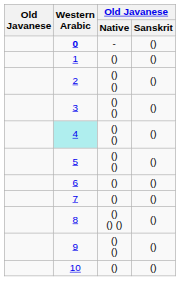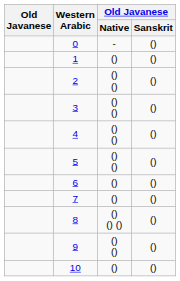 <table class="wikitable" style="text-align:center;">
 <tr>
 <th rowspan="2">Old<br>Javanese</th>
 <th rowspan="2">Western<br>Arabic</th>
 <th colspan="2"><a href='#'>Old Javanese</a></th>
 </tr>
 <tr>
 <th>Native</th>
 <th>Sanskrit</th>
 </tr>
 <tr>
 <td></td>
-<td><strong><a href='#'>0</a></strong></td>
+<td><a href='#'>0</a></td>
 <td>-</td>
 <td> ()</td>
 </tr>
 <tr>
 <td></td>
 <td><a href='#'>1</a></td>
 <td> ()</td>
 <td> ()</td>
 </tr>
 <tr>
 <td></td>
 <td><a href='#'>2</a></td>
 <td> ()<br> ()</td>
 <td> ()</td>
 </tr>
 <tr>
 <td></td>
 <td><a href='#'>3</a></td>
 <td> ()<br> ()</td>
 <td> ()</td>
 </tr>
 <tr>
 <td></td>
-<td style="background: paleturquoise;"><a href='#'>4</a></td>
+<td><a href='#'>4</a></td>
 <td> ()<br> ()</td>
 <td> ()</td>
 </tr>
 <tr>
 <td></td>
 <td><a href='#'>5</a></td>
 <td> ()<br> ()</td>
 <td> ()</td>
 </tr>
 <tr>
 <td></td>
 <td><a href='#'>6</a></td>
 <td> ()</td>
 <td> ()</td>
 </tr>
 <tr>
 <td></td>
 <td><a href='#'>7</a></td>
 <td> ()</td>
 <td> ()</td>
 </tr>
 <tr>
 <td></td>
 <td><a href='#'>8</a></td>
 <td> ()<br> () ()</td>
 <td> ()</td>
 </tr>
 <tr>
 <td></td>
 <td><a href='#'>9</a></td>
 <td> ()<br> ()</td>
 <td> ()</td>
 </tr>
 <tr>
 <td></td>
 <td><a href='#'>10</a></td>
 <td> ()</td>
 <td> ()</td>
 </tr>
 </table>
